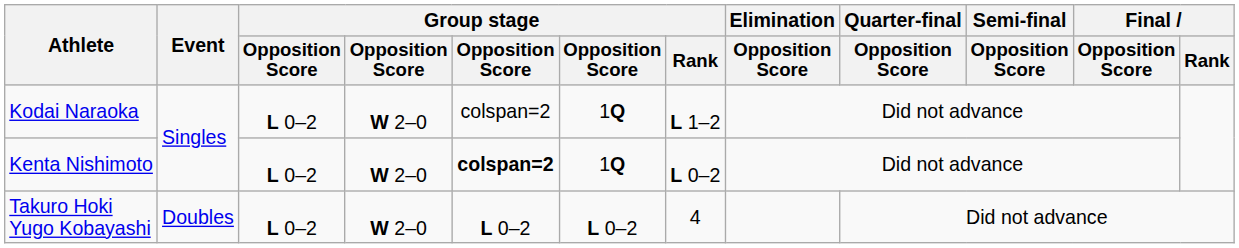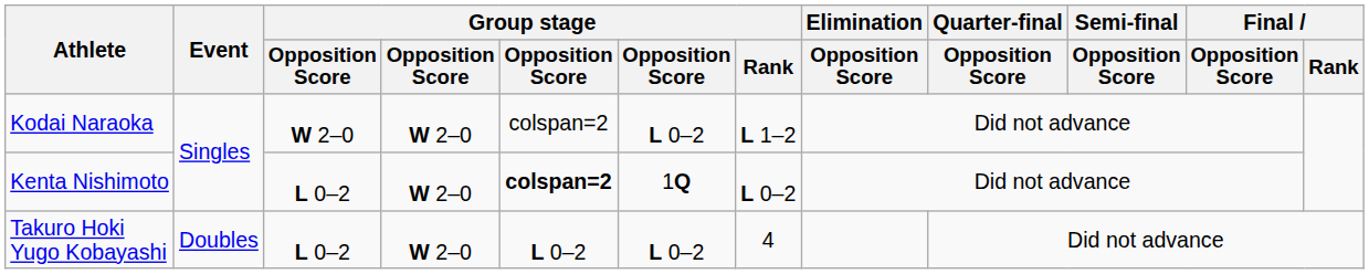 <table class="wikitable" style="font-size:90%">
 <tr>
 <th rowspan="2">Athlete</th>
 <th rowspan="2">Event</th>
 <th colspan="5">Group stage</th>
 <th>Elimination</th>
 <th>Quarter-final</th>
 <th>Semi-final</th>
 <th colspan="2">Final / </th>
 </tr>
 <tr style="font-size:95%">
 <th>Opposition<br>Score</th>
 <th>Opposition<br>Score</th>
 <th>Opposition<br>Score</th>
 <th>Opposition<br>Score</th>
 <th>Rank</th>
 <th>Opposition<br>Score</th>
 <th>Opposition<br>Score</th>
 <th>Opposition<br>Score</th>
 <th>Opposition<br>Score</th>
 <th>Rank</th>
 </tr>
 <tr align="center">
 <td align="left"><a href='#'>Kodai Naraoka</a></td>
 <td align="left" rowspan="2"><a href='#'>Singles</a></td>
-<td><br><strong>L</strong> 0–2</td>
+<td><br><strong>W</strong> 2–0</td>
 <td><br><strong>W</strong> 2–0</td>
 <td>colspan=2 </td>
-<td>1<strong>Q</strong></td>
+<td><br><strong>L</strong> 0–2</td>
 <td><br><strong>L</strong> 1–2</td>
 <td colspan=4>Did not advance</td>
 </tr>
 <tr align="center">
 <td align="left"><a href='#'>Kenta Nishimoto</a></td>
 <td><br><strong>L</strong> 0–2</td>
 <td><br><strong>W</strong> 2–0</td>
 <td><strong>colspan=2 </strong></td>
 <td>1<strong>Q</strong></td>
 <td><br><strong>L</strong> 0–2</td>
 <td colspan="4">Did not advance</td>
 </tr>
 <tr align="center">
 <td align="left"><a href='#'>Takuro Hoki</a><br><a href='#'>Yugo Kobayashi</a></td>
 <td align="left"><a href='#'>Doubles</a></td>
 <td><br><strong>L</strong> 0–2</td>
 <td><br><strong>W</strong> 2–0</td>
 <td><br><strong>L</strong> 0–2</td>
 <td><br><strong>L</strong> 0–2</td>
 <td>4</td>
 <td></td>
 <td colspan=4>Did not advance</td>
 </tr>
 </table>
